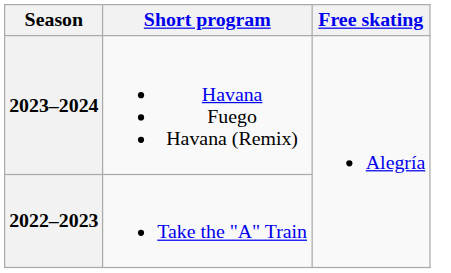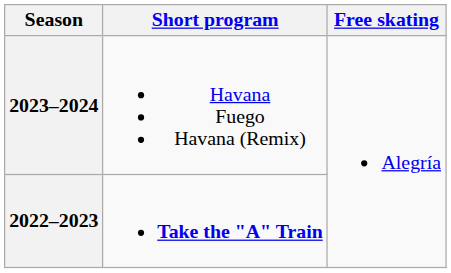 <table class="wikitable" style="text-align:center">
 <tr>
 <th>Season</th>
 <th><a href='#'>Short program</a></th>
 <th><a href='#'>Free skating</a></th>
 </tr>
 <tr>
 <th>2023–2024 <br> </th>
 <td><br><ul><li><a href='#'>Havana</a> <br> </li><li>Fuego <br> </li><li>Havana (Remix) <br> </li></ul></td>
 <td rowspan=2><br><ul><li><a href='#'>Alegría</a> <br> </li></ul></td>
 </tr>
 <tr>
 <th>2022–2023 <br> </th>
-<td><br><ul><li><a href='#'>Take the "A" Train</a> <br> </li></ul></td>
+<td><strong><br><ul><li><a href='#'>Take the "A" Train</a> <br> </li></ul></strong></td>
 </tr>
 </table>
